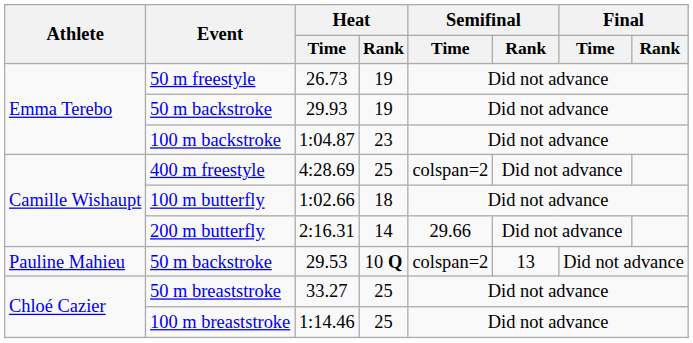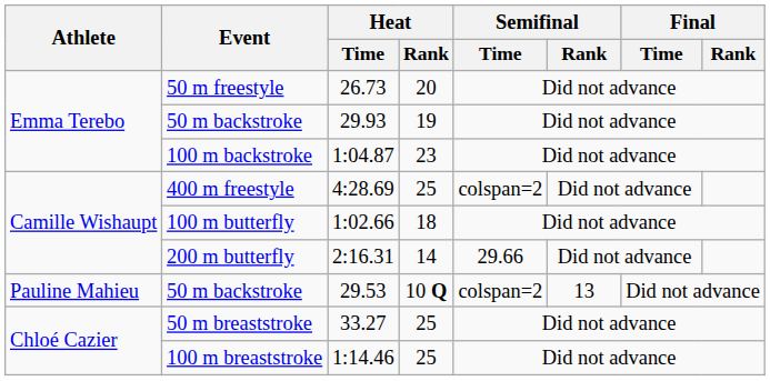 <table class=wikitable style="font-size:90%">
 <tr>
 <th rowspan=2>Athlete</th>
 <th rowspan=2>Event</th>
 <th colspan="2">Heat</th>
 <th colspan="2">Semifinal</th>
 <th colspan="2">Final</th>
 </tr>
 <tr style="font-size:95%">
 <th>Time</th>
 <th>Rank</th>
 <th>Time</th>
 <th>Rank</th>
 <th>Time</th>
 <th>Rank</th>
 </tr>
 <tr align=center>
 <td align=left rowspan=3><a href='#'>Emma Terebo</a></td>
 <td align=left><a href='#'>50 m freestyle</a></td>
 <td>26.73</td>
-<td>19</td>
+<td>20</td>
 <td colspan=4>Did not advance</td>
 </tr>
 <tr align=center>
 <td align=left><a href='#'>50 m backstroke</a></td>
 <td>29.93</td>
 <td>19</td>
 <td colspan=4>Did not advance</td>
 </tr>
 <tr align=center>
 <td align=left><a href='#'>100 m backstroke</a></td>
 <td>1:04.87</td>
 <td>23</td>
 <td colspan=4>Did not advance</td>
 </tr>
 <tr align=center>
 <td align=left rowspan=3><a href='#'>Camille Wishaupt</a></td>
 <td align=left><a href='#'>400 m freestyle</a></td>
 <td>4:28.69</td>
 <td>25</td>
 <td>colspan=2 </td>
 <td colspan=2>Did not advance</td>
 </tr>
 <tr align=center>
 <td align=left><a href='#'>100 m butterfly</a></td>
 <td>1:02.66</td>
 <td>18</td>
 <td colspan=4>Did not advance</td>
 </tr>
 <tr align=center>
 <td align=left><a href='#'>200 m butterfly</a></td>
 <td>2:16.31</td>
 <td>14</td>
 <td>29.66</td>
 <td colspan=2>Did not advance</td>
 </tr>
 <tr align=center>
 <td align=left><a href='#'>Pauline Mahieu</a></td>
 <td align=left><a href='#'>50 m backstroke</a></td>
 <td>29.53</td>
 <td>10 <strong>Q</strong></td>
 <td>colspan=2 </td>
 <td>13</td>
 <td colspan=2>Did not advance</td>
 </tr>
 <tr align=center>
 <td align=left rowspan=2><a href='#'>Chloé Cazier</a></td>
 <td align=left><a href='#'>50 m breaststroke</a></td>
 <td>33.27</td>
 <td>25</td>
 <td colspan=4>Did not advance</td>
 </tr>
 <tr align=center>
 <td align=left><a href='#'>100 m breaststroke</a></td>
 <td>1:14.46</td>
 <td>25</td>
 <td colspan=4>Did not advance</td>
 </tr>
 </table>
